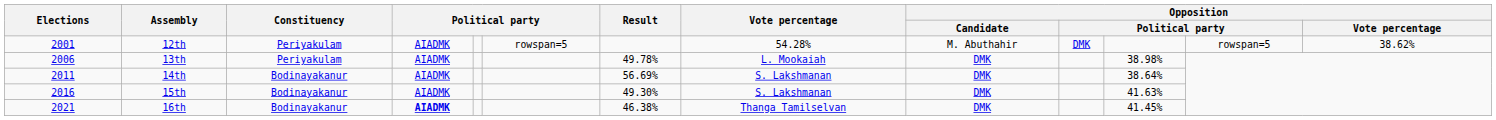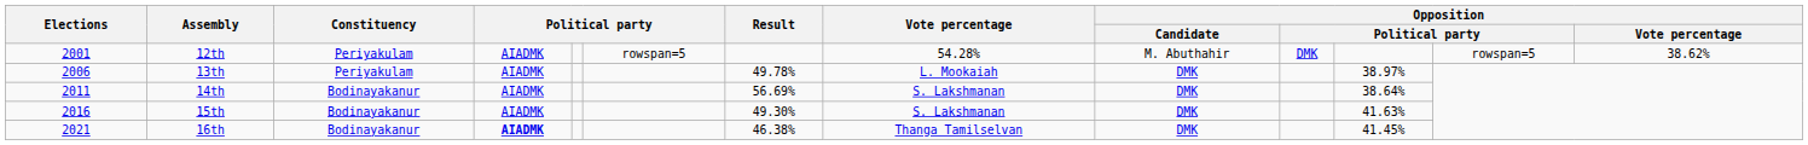 <table class="wikitable sortable" style="width:100%; text-align:center">
 <tr>
 <th rowspan=2>Elections</th>
 <th rowspan=2>Assembly</th>
 <th rowspan=2>Constituency</th>
 <th colspan=3 rowspan=2>Political party</th>
 <th rowspan=2>Result</th>
 <th rowspan=2>Vote percentage</th>
 <th colspan=5>Opposition</th>
 </tr>
 <tr>
 <th>Candidate</th>
 <th colspan=3>Political party</th>
 <th>Vote percentage</th>
 </tr>
 <tr>
 <td><a href='#'>2001</a></td>
 <td><a href='#'>12th</a></td>
 <td><a href='#'>Periyakulam</a></td>
 <td><a href='#'>AIADMK</a></td>
 <td></td>
 <td>rowspan=5 </td>
 <td></td>
 <td>54.28%</td>
 <td>M. Abuthahir</td>
 <td><a href='#'>DMK</a></td>
 <td></td>
 <td>rowspan=5 </td>
 <td>38.62%</td>
 </tr>
 <tr>
 <td><a href='#'>2006</a></td>
 <td><a href='#'>13th</a></td>
 <td><a href='#'>Periyakulam</a></td>
 <td><a href='#'>AIADMK</a></td>
 <td></td>
 <td></td>
 <td>49.78%</td>
 <td><a href='#'>L. Mookaiah</a></td>
 <td><a href='#'>DMK</a></td>
 <td></td>
-<td>38.98%</td>
+<td>38.97%</td>
 </tr>
 <tr>
 <td><a href='#'>2011</a></td>
 <td><a href='#'>14th</a></td>
 <td><a href='#'>Bodinayakanur</a></td>
 <td><a href='#'>AIADMK</a></td>
 <td></td>
 <td></td>
 <td>56.69%</td>
 <td><a href='#'>S. Lakshmanan</a></td>
 <td><a href='#'>DMK</a></td>
 <td></td>
 <td>38.64%</td>
 </tr>
 <tr>
 <td><a href='#'>2016</a></td>
 <td><a href='#'>15th</a></td>
 <td><a href='#'>Bodinayakanur</a></td>
 <td><a href='#'>AIADMK</a></td>
 <td></td>
 <td></td>
 <td>49.30%</td>
 <td><a href='#'>S. Lakshmanan</a></td>
 <td><a href='#'>DMK</a></td>
 <td></td>
 <td>41.63%</td>
 </tr>
 <tr>
 <td><a href='#'>2021</a></td>
 <td><a href='#'>16th</a></td>
 <td><a href='#'>Bodinayakanur</a></td>
 <td><strong><a href='#'>AIADMK</a></strong></td>
 <td></td>
 <td></td>
 <td>46.38%</td>
 <td><a href='#'>Thanga Tamilselvan</a></td>
 <td><a href='#'>DMK</a></td>
 <td></td>
 <td>41.45%</td>
 </tr>
 </table>
